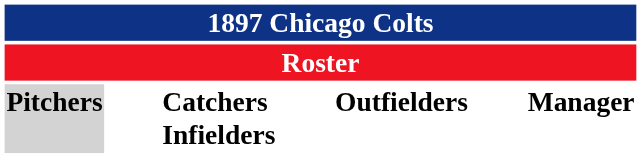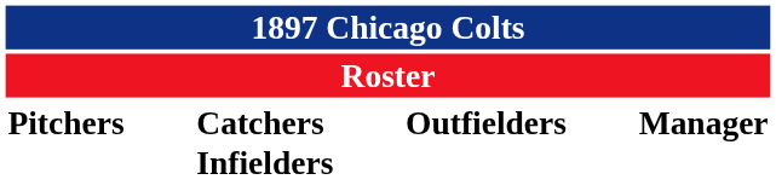 <table class="toccolours" style="font-size: 95%;">
 <tr>
 <th colspan="10" style="background-color: #0e3386; color: white; text-align: center;">1897 Chicago Colts</th>
 </tr>
 <tr>
 <td colspan="10" style="background-color: #EE1422; color: white; text-align: center;"><strong>Roster</strong></td>
 </tr>
 <tr>
-<td valign="top" style="background: lightgrey;"><strong>Pitchers</strong><br>      </td>
+<td valign="top"><strong>Pitchers</strong><br>      </td>
 <td width="25px"></td>
 <td valign="top"><strong>Catchers</strong><br>  <strong>Infielders</strong>       </td>
 <td width="25px"></td>
 <td valign="top"><strong>Outfielders</strong><br>    </td>
 <td width="25px"></td>
 <td valign="top"><strong>Manager</strong><br></td>
 </tr>
 <tr>
 </tr>
 </table>
